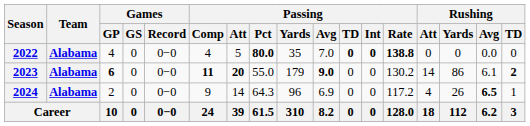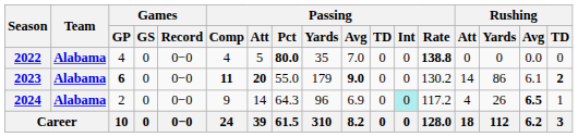 <table class="wikitable" style="text-align:center;">
 <tr>
 <th rowspan="2">Season</th>
 <th rowspan="2">Team</th>
 <th colspan="3">Games</th>
 <th colspan="8">Passing</th>
 <th colspan="5">Rushing</th>
 </tr>
 <tr>
 <th>GP</th>
 <th>GS</th>
 <th>Record</th>
 <th>Comp</th>
 <th>Att</th>
 <th>Pct</th>
 <th>Yards</th>
 <th>Avg</th>
 <th>TD</th>
 <th>Int</th>
 <th>Rate</th>
 <th>Att</th>
 <th>Yards</th>
 <th>Avg</th>
 <th>TD</th>
 </tr>
 <tr>
 <th><a href='#'>2022</a></th>
 <th><a href='#'>Alabama</a></th>
 <td>4</td>
 <td>0</td>
 <td>0−0</td>
 <td>4</td>
 <td>5</td>
 <td><strong>80.0</strong></td>
 <td>35</td>
 <td>7.0</td>
-<td><strong>0</strong></td>
-<td><strong>0</strong></td>
+<td>0</td>
+<td>0</td>
 <td><strong>138.8</strong></td>
 <td>0</td>
 <td>0</td>
 <td>0.0</td>
 <td>0</td>
 </tr>
 <tr>
 <th><a href='#'>2023</a></th>
 <th><a href='#'>Alabama</a></th>
 <td><strong>6</strong></td>
 <td>0</td>
 <td>0−0</td>
 <td><strong>11</strong></td>
 <td><strong>20</strong></td>
 <td>55.0</td>
 <td>179</td>
 <td><strong>9.0</strong></td>
 <td>0</td>
 <td>0</td>
 <td>130.2</td>
 <td>14</td>
 <td>86</td>
 <td>6.1</td>
 <td><strong>2</strong></td>
 </tr>
 <tr>
 <th><a href='#'>2024</a></th>
 <th><a href='#'>Alabama</a></th>
 <td>2</td>
 <td>0</td>
 <td>0−0</td>
 <td>9</td>
 <td>14</td>
 <td>64.3</td>
 <td>96</td>
 <td>6.9</td>
 <td>0</td>
-<td>0</td>
+<td style="background: paleturquoise;">0</td>
 <td>117.2</td>
 <td>4</td>
 <td>26</td>
 <td><strong>6.5</strong></td>
 <td>1</td>
 </tr>
 <tr>
 <th colspan="2">Career</th>
 <th>10</th>
 <th>0</th>
 <th>0−0</th>
 <th>24</th>
 <th>39</th>
 <th>61.5</th>
 <th>310</th>
 <th>8.2</th>
 <th>0</th>
 <th>0</th>
 <th>128.0</th>
 <th>18</th>
 <th>112</th>
 <th>6.2</th>
 <th>3</th>
 </tr>
 </table>
